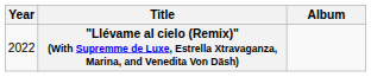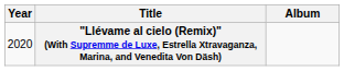 <table class="wikitable plainrowheaders" style="text-align:left;">
 <tr>
 <th scope="col"  style="width:2em;">Year</th>
 <th scope="col"  style="width:20em;">Title</th>
 <th scope="col"  style="width:6em;">Album</th>
 </tr>
 <tr>
-<td>2022</td>
+<td>2020</td>
 <th scope="row">"Llévame al cielo (Remix)"<br><small>(With <a href='#'>Supremme de Luxe</a>, Estrella Xtravaganza, Marina, and Venedita Von Däsh)</small></th>
 <td></td>
 </tr>
 </table>
